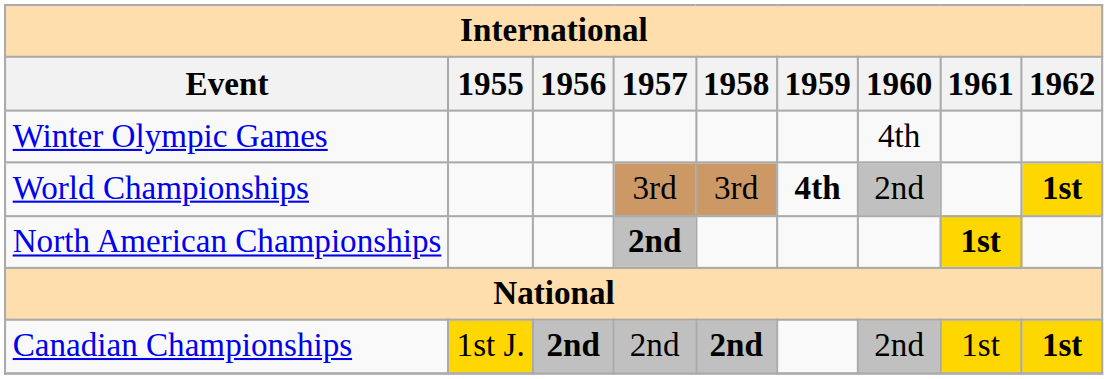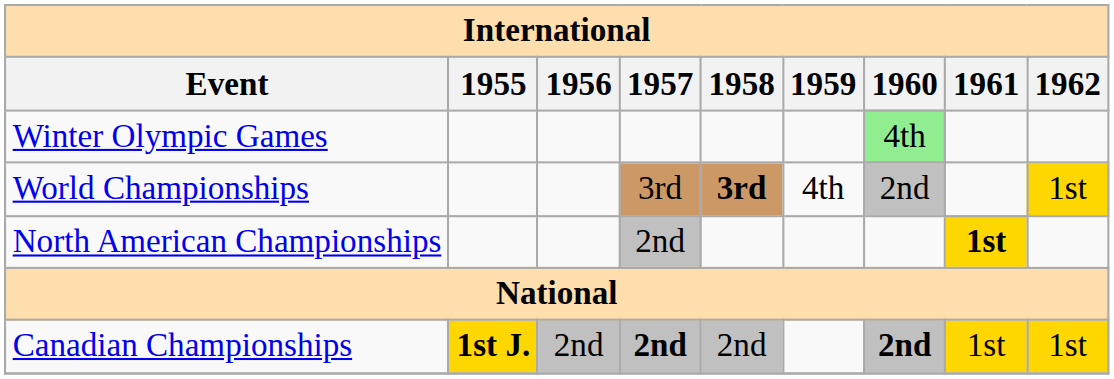 <table class="wikitable" style="text-align:center">
 <tr>
 <th colspan="9" style="background:#ffdead; text-align:center;"><strong>International</strong></th>
 </tr>
 <tr>
 <th>Event</th>
 <th>1955</th>
 <th>1956</th>
 <th>1957</th>
 <th>1958</th>
 <th>1959</th>
 <th>1960</th>
 <th>1961</th>
 <th>1962</th>
 </tr>
 <tr>
 <td align=left><a href='#'>Winter Olympic Games</a></td>
 <td></td>
 <td></td>
 <td></td>
 <td></td>
 <td></td>
-<td>4th</td>
+<td style="background: lightgreen;">4th</td>
 <td></td>
 <td></td>
 </tr>
 <tr>
 <td align=left><a href='#'>World Championships</a></td>
 <td></td>
 <td></td>
 <td bgcolor="#c96">3rd</td>
-<td bgcolor="#c96">3rd</td>
-<td><strong>4th</strong></td>
+<td bgcolor="#c96"><strong>3rd</strong></td>
+<td>4th</td>
 <td bgcolor="silver">2nd</td>
 <td></td>
-<td bgcolor="gold"><strong>1st</strong></td>
+<td bgcolor="gold">1st</td>
 </tr>
 <tr>
 <td align=left><a href='#'>North American Championships</a></td>
 <td></td>
 <td></td>
-<td bgcolor="silver"><strong>2nd</strong></td>
+<td bgcolor="silver">2nd</td>
 <td></td>
 <td></td>
 <td></td>
 <td bgcolor="gold"><strong>1st</strong></td>
 <td></td>
 </tr>
 <tr>
 <th colspan="10" style="background:#ffdead; text-align:center;"><strong>National</strong></th>
 </tr>
 <tr>
 <td align=left><a href='#'>Canadian Championships</a></td>
-<td bgcolor="gold">1st J.</td>
+<td bgcolor="gold"><strong>1st J.</strong></td>
+<td bgcolor="silver">2nd</td>
 <td bgcolor="silver"><strong>2nd</strong></td>
 <td bgcolor="silver">2nd</td>
+<td></td>
 <td bgcolor="silver"><strong>2nd</strong></td>
-<td></td>
-<td bgcolor="silver">2nd</td>
 <td bgcolor="gold">1st</td>
-<td bgcolor="gold"><strong>1st</strong></td>
+<td bgcolor="gold">1st</td>
 </tr>
 <tr>
 </tr>
 </table>
